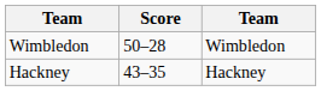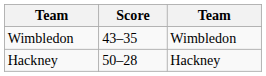 <table class="wikitable" style="font-size: 100%">
 <tr>
 <th width=100>Team</th>
 <th width=70>Score</th>
 <th width=100>Team</th>
 </tr>
 <tr>
 <td>Wimbledon</td>
-<td>50–28</td>
+<td>43–35</td>
 <td>Wimbledon</td>
 </tr>
 <tr>
 <td>Hackney</td>
-<td>43–35</td>
+<td>50–28</td>
 <td>Hackney</td>
 </tr>
 </table>
